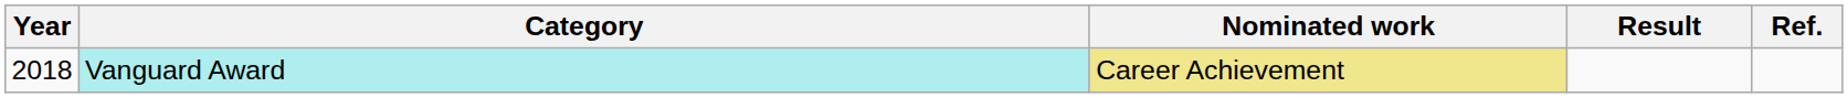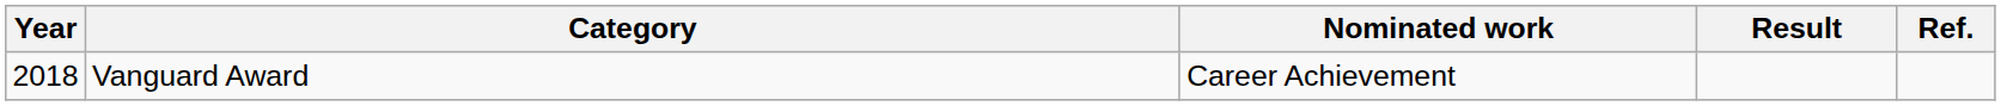 <table class="wikitable" style="width:85%;">
 <tr>
 <th style="width:4%;">Year</th>
 <th style="width:55%;">Category</th>
 <th style="width:26%;">Nominated work</th>
 <th style="width:10%;">Result</th>
 <th width=5%>Ref.</th>
 </tr>
 <tr>
 <td>2018</td>
-<td style="background: paleturquoise;">Vanguard Award</td>
-<td style="background: khaki;">Career Achievement</td>
+<td>Vanguard Award</td>
+<td>Career Achievement</td>
 <td></td>
 <td align="center"></td>
 </tr>
 </table>
